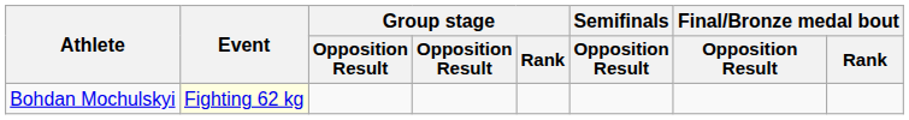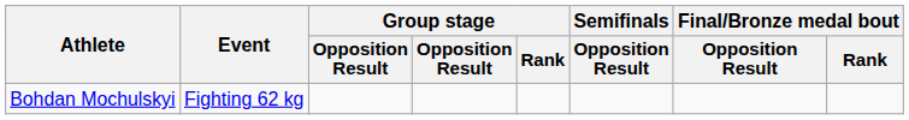 <table class="wikitable" style="text-align:center; font-size:90%">
 <tr>
 <th rowspan=2>Athlete</th>
 <th rowspan=2>Event</th>
 <th colspan=3>Group stage</th>
 <th>Semifinals</th>
 <th colspan=2>Final/Bronze medal bout</th>
 </tr>
 <tr style="font-size:95%">
 <th>Opposition<br>Result</th>
 <th>Opposition<br>Result</th>
 <th>Rank</th>
 <th>Opposition<br>Result</th>
 <th>Opposition<br>Result</th>
 <th>Rank</th>
 </tr>
 <tr>
 <td align=left><a href='#'>Bohdan Mochulskyi</a></td>
-<td align=left style="background: lightyellow;"><a href='#'>Fighting 62 kg</a></td>
+<td align=left><a href='#'>Fighting 62 kg</a></td>
 <td></td>
 <td></td>
 <td></td>
 <td></td>
 <td></td>
 <td></td>
 </tr>
 </table>
